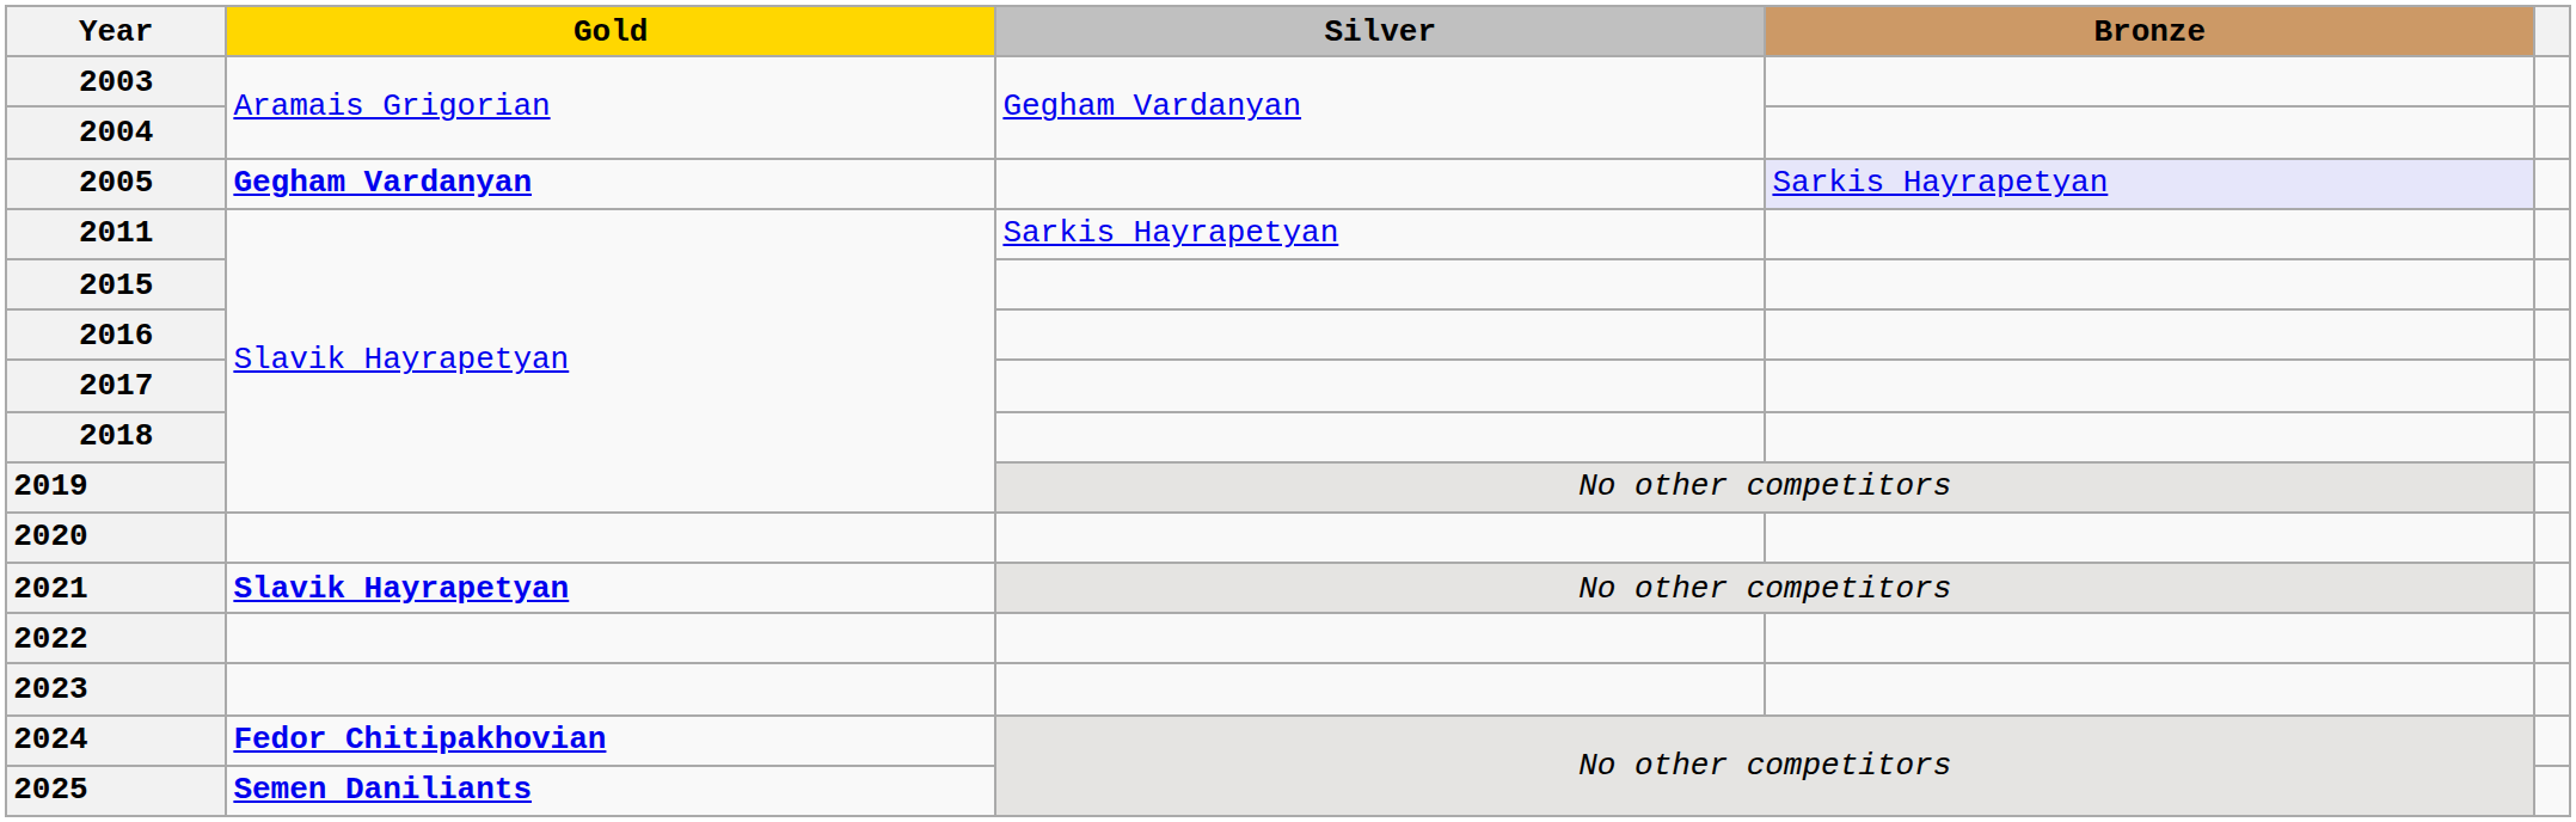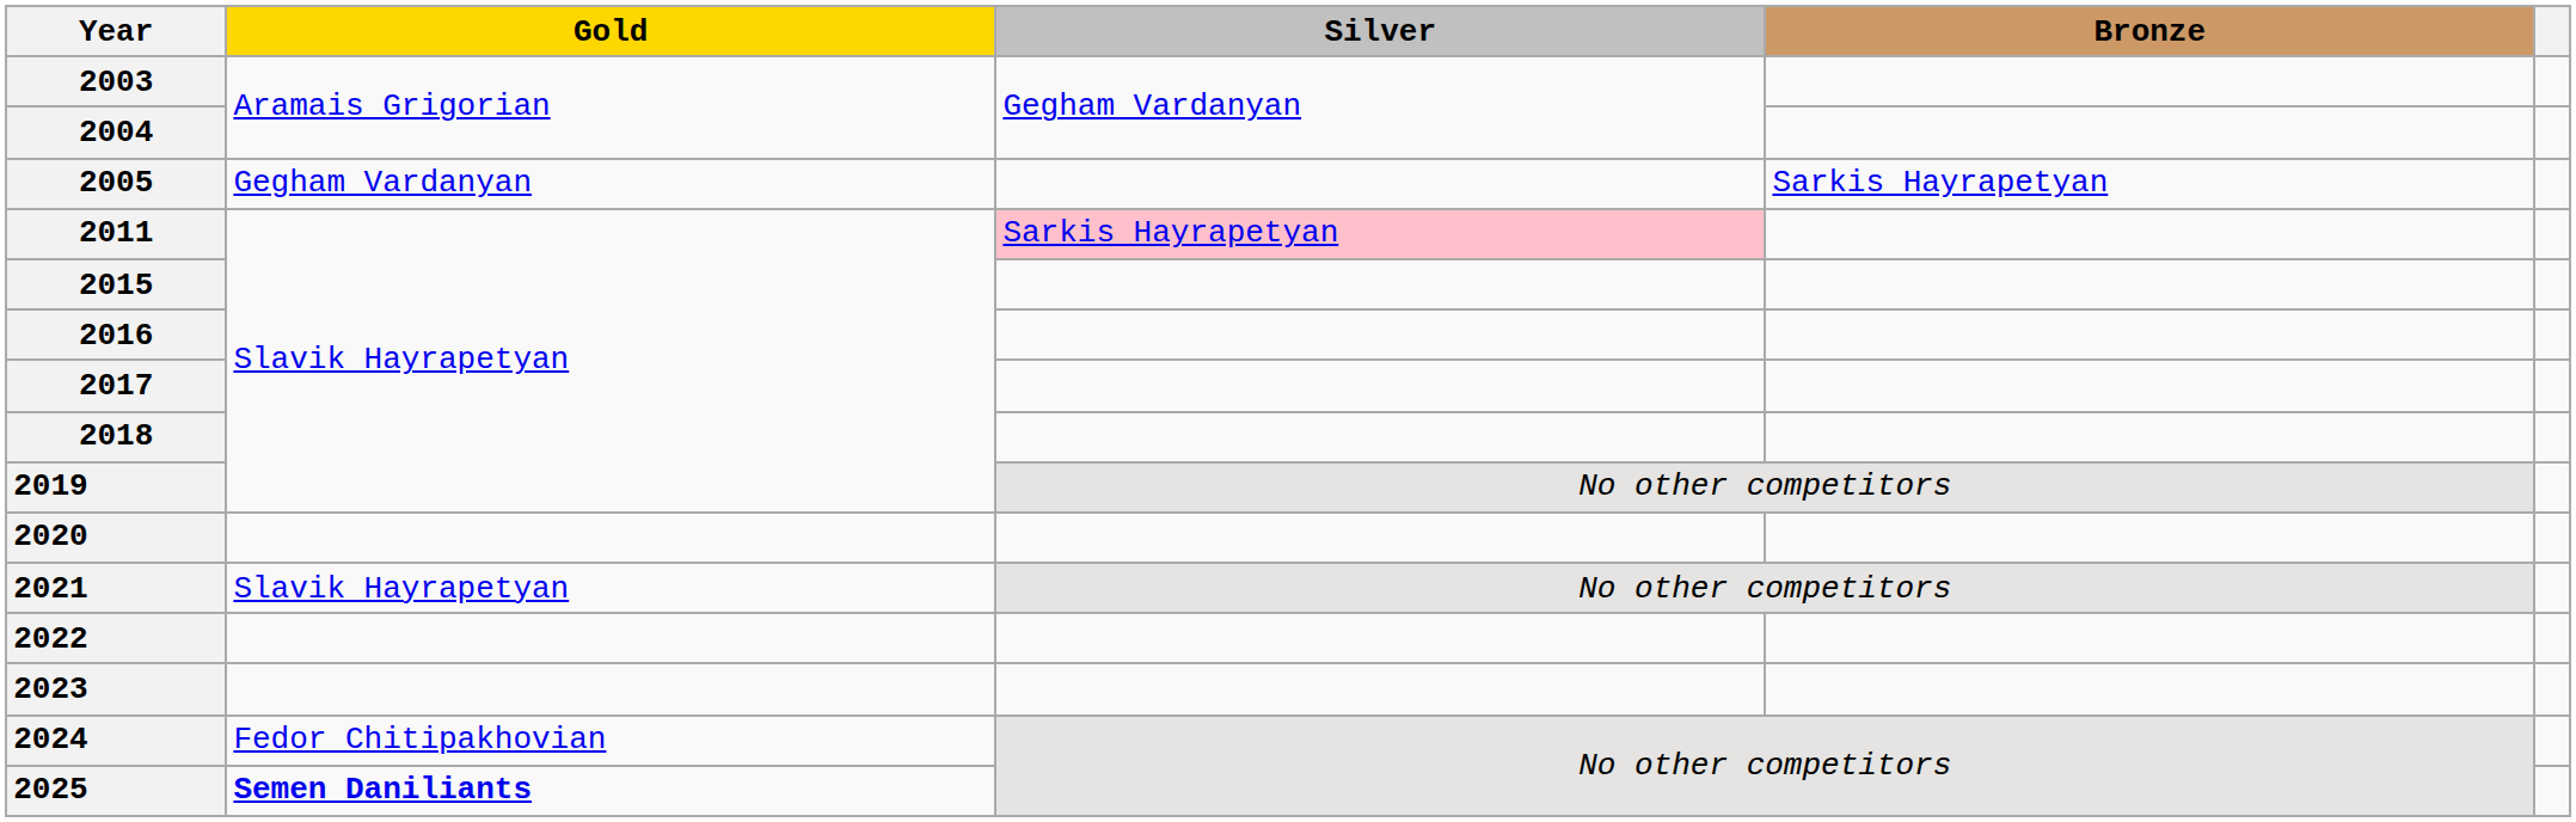 <table class="wikitable unsortable" style="text-align:left; width:85%">
 <tr>
 <th scope="col" style="text-align:center">Year</th>
 <th scope="col" style="text-align:center; width:30%; background:gold">Gold</th>
 <th scope="col" style="text-align:center; width:30%; background:silver">Silver</th>
 <th scope="col" style="text-align:center; width:30%; background:#c96">Bronze</th>
 <th scope="col" style="text-align:center"></th>
 </tr>
 <tr>
 <th>2003</th>
 <td rowspan="2"><a href='#'>Aramais Grigorian</a></td>
 <td rowspan="2"><a href='#'>Gegham Vardanyan</a></td>
 <td></td>
 <td></td>
 </tr>
 <tr>
 <th>2004</th>
 <td></td>
 <td></td>
 </tr>
 <tr>
 <th>2005</th>
-<td><strong><a href='#'>Gegham Vardanyan</a></strong></td>
+<td><a href='#'>Gegham Vardanyan</a></td>
 <td></td>
-<td style="background: lavender;"><a href='#'>Sarkis Hayrapetyan</a></td>
+<td><a href='#'>Sarkis Hayrapetyan</a></td>
 <td></td>
 </tr>
 <tr>
 <th>2011</th>
 <td rowspan="6"><a href='#'>Slavik Hayrapetyan</a></td>
-<td><a href='#'>Sarkis Hayrapetyan</a></td>
+<td style="background: pink;"><a href='#'>Sarkis Hayrapetyan</a></td>
 <td></td>
 <td></td>
 </tr>
 <tr>
 <th>2015</th>
 <td></td>
 <td></td>
 <td></td>
 </tr>
 <tr>
 <th>2016</th>
 <td></td>
 <td></td>
 <td></td>
 </tr>
 <tr>
 <th>2017</th>
 <td></td>
 <td></td>
 <td></td>
 </tr>
 <tr>
 <th>2018</th>
 <td></td>
 <td></td>
 <td></td>
 </tr>
 <tr>
 <th scope="row" style="text-align:left">2019</th>
 <td colspan="2" align="center" bgcolor="e5e4e2"><em>No other competitors</em></td>
 <td></td>
 </tr>
 <tr>
 <th style="text-align: left;">2020</th>
 <td></td>
 <td></td>
 <td></td>
 <td></td>
 </tr>
 <tr>
 <th scope="row" style="text-align:left">2021</th>
-<td><strong><a href='#'>Slavik Hayrapetyan</a></strong></td>
+<td><a href='#'>Slavik Hayrapetyan</a></td>
 <td colspan="2" align="center" bgcolor="e5e4e2"><em>No other competitors</em></td>
 <td></td>
 </tr>
 <tr>
 <th style="text-align: left;">2022</th>
 <td></td>
 <td align="center"></td>
 <td align="center"></td>
 <td></td>
 </tr>
 <tr>
 <th style="text-align: left;">2023</th>
 <td></td>
 <td align="center"></td>
 <td align="center"></td>
 <td></td>
 </tr>
 <tr>
 <th scope="row" style="text-align:left">2024</th>
-<td><strong><a href='#'>Fedor Chitipakhovian</a></strong></td>
+<td><a href='#'>Fedor Chitipakhovian</a></td>
 <td colspan="2" rowspan="2" align="center" bgcolor="e5e4e2"><em>No other competitors</em></td>
 <td></td>
 </tr>
 <tr>
 <th scope="row" style="text-align:left">2025</th>
 <td><strong><a href='#'>Semen Daniliants</a></strong></td>
 <td></td>
 </tr>
 </table>
